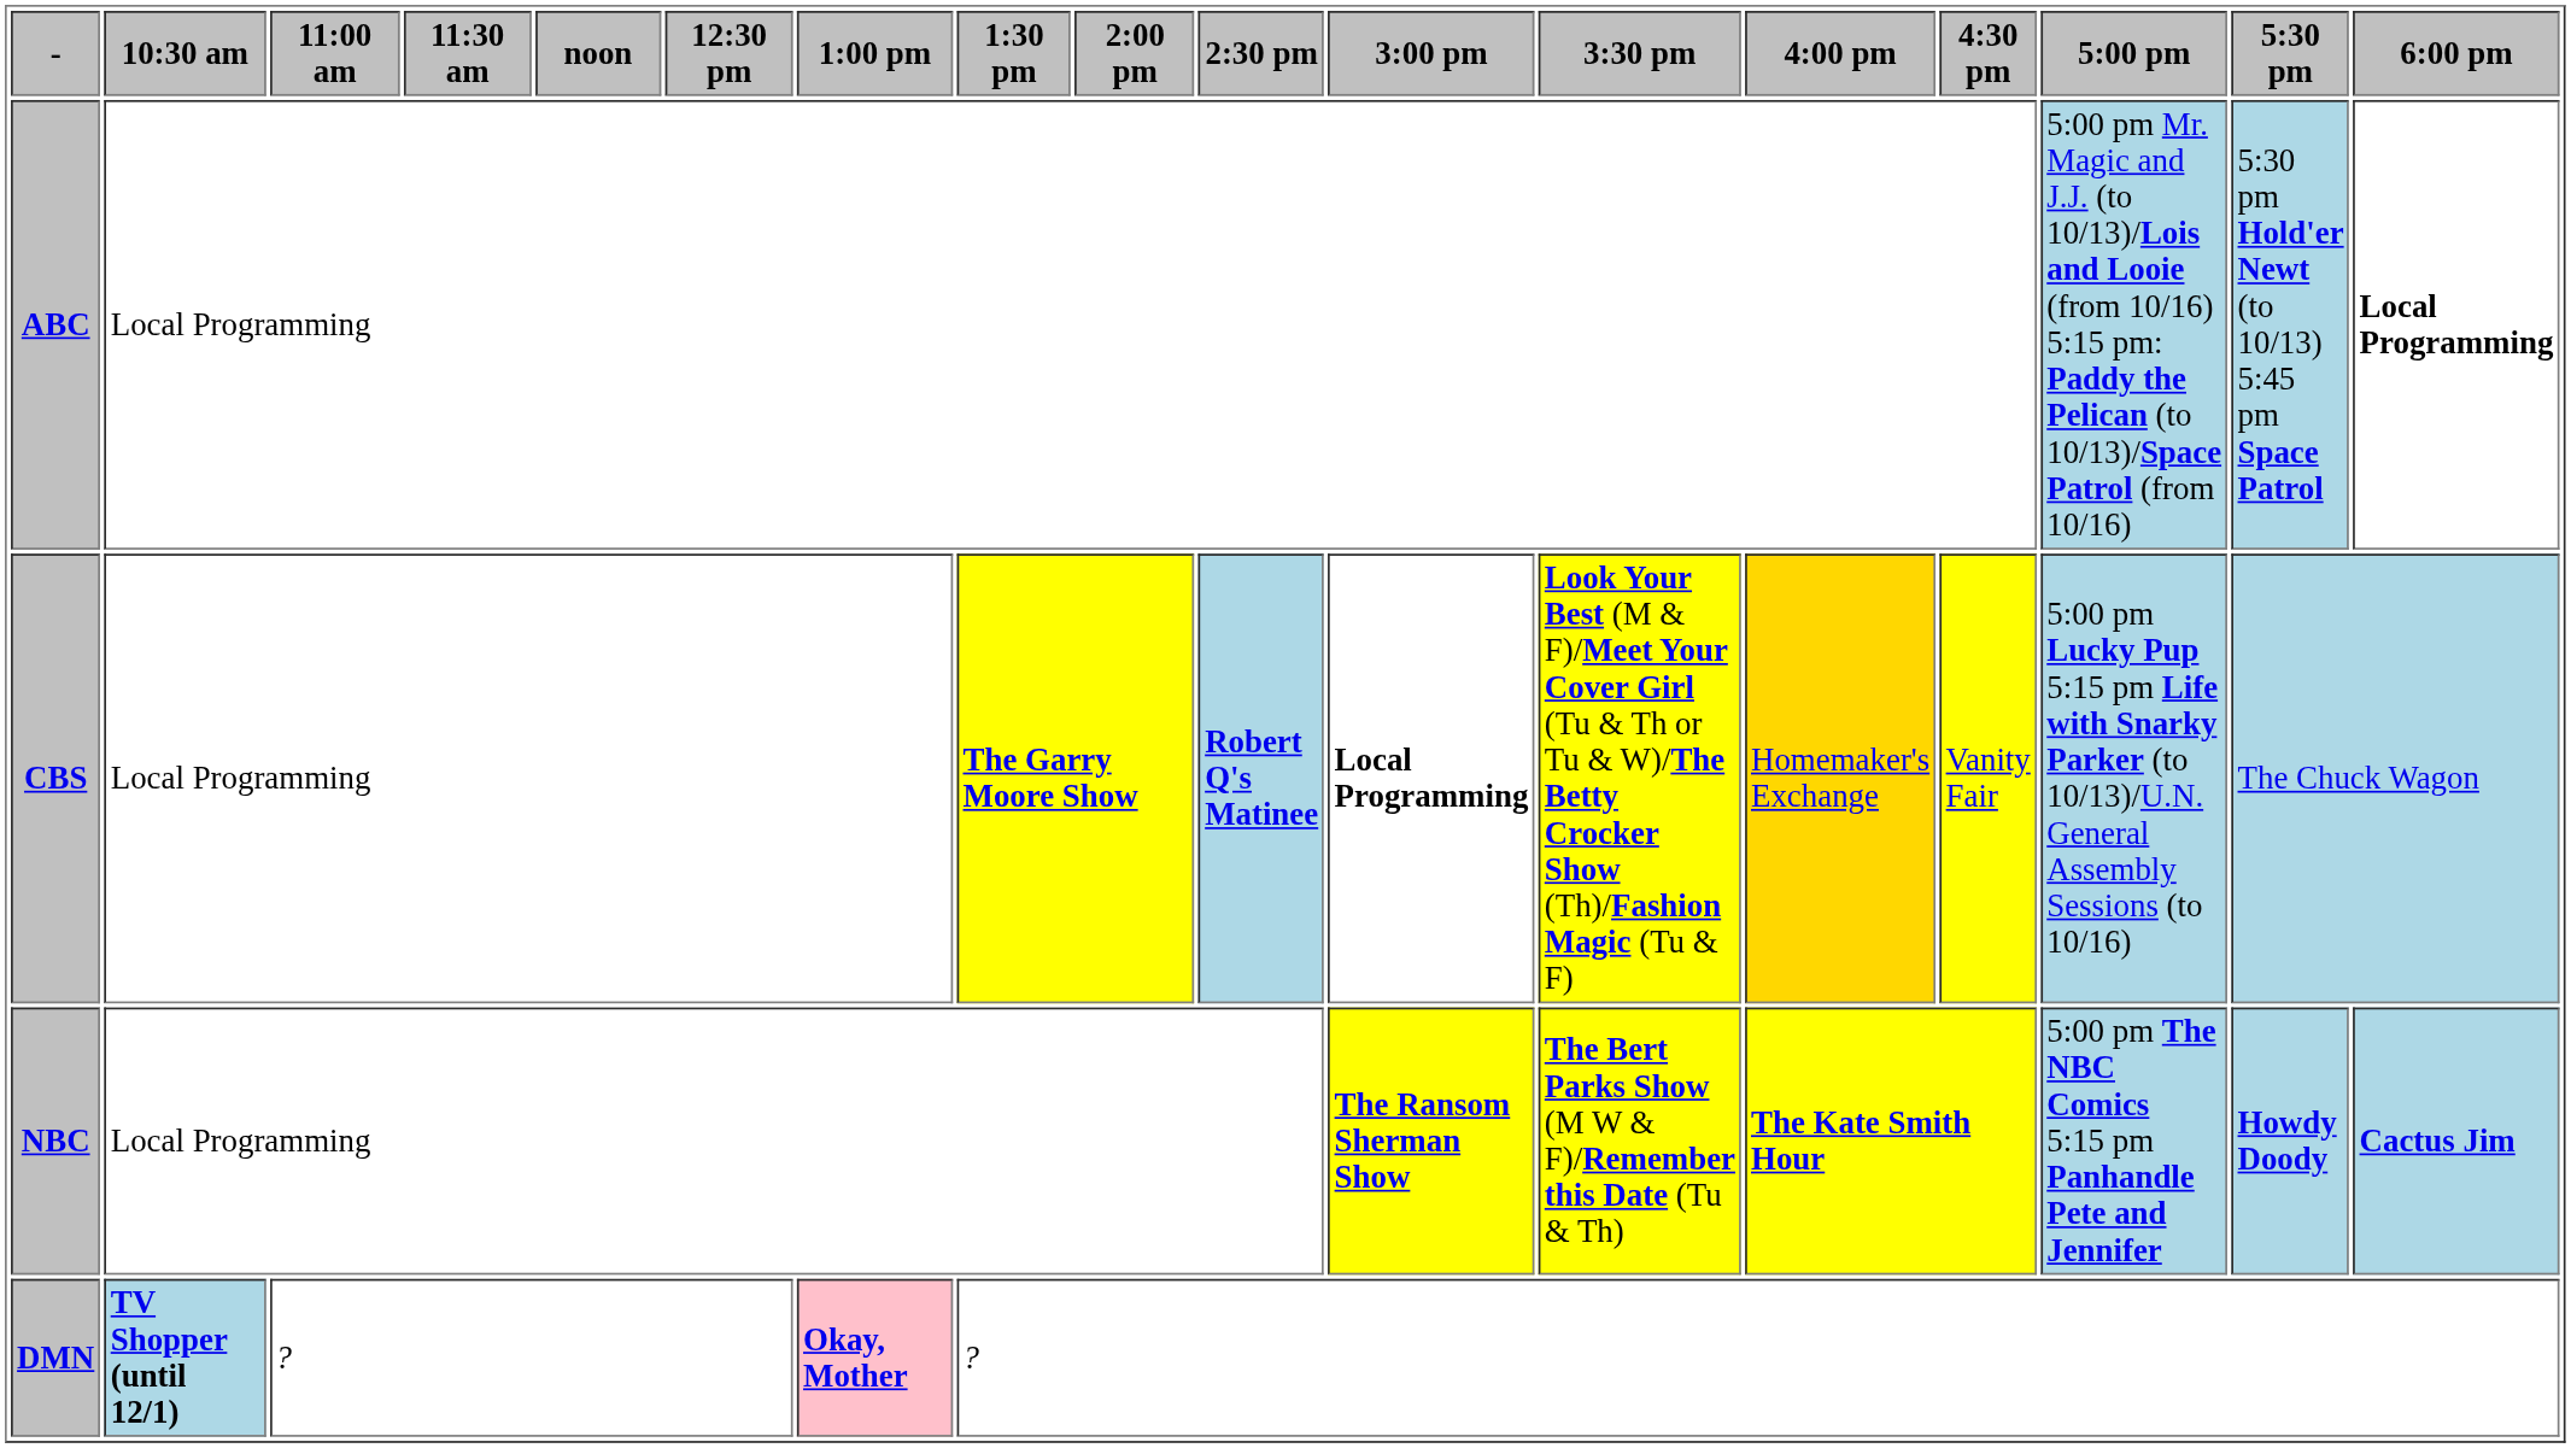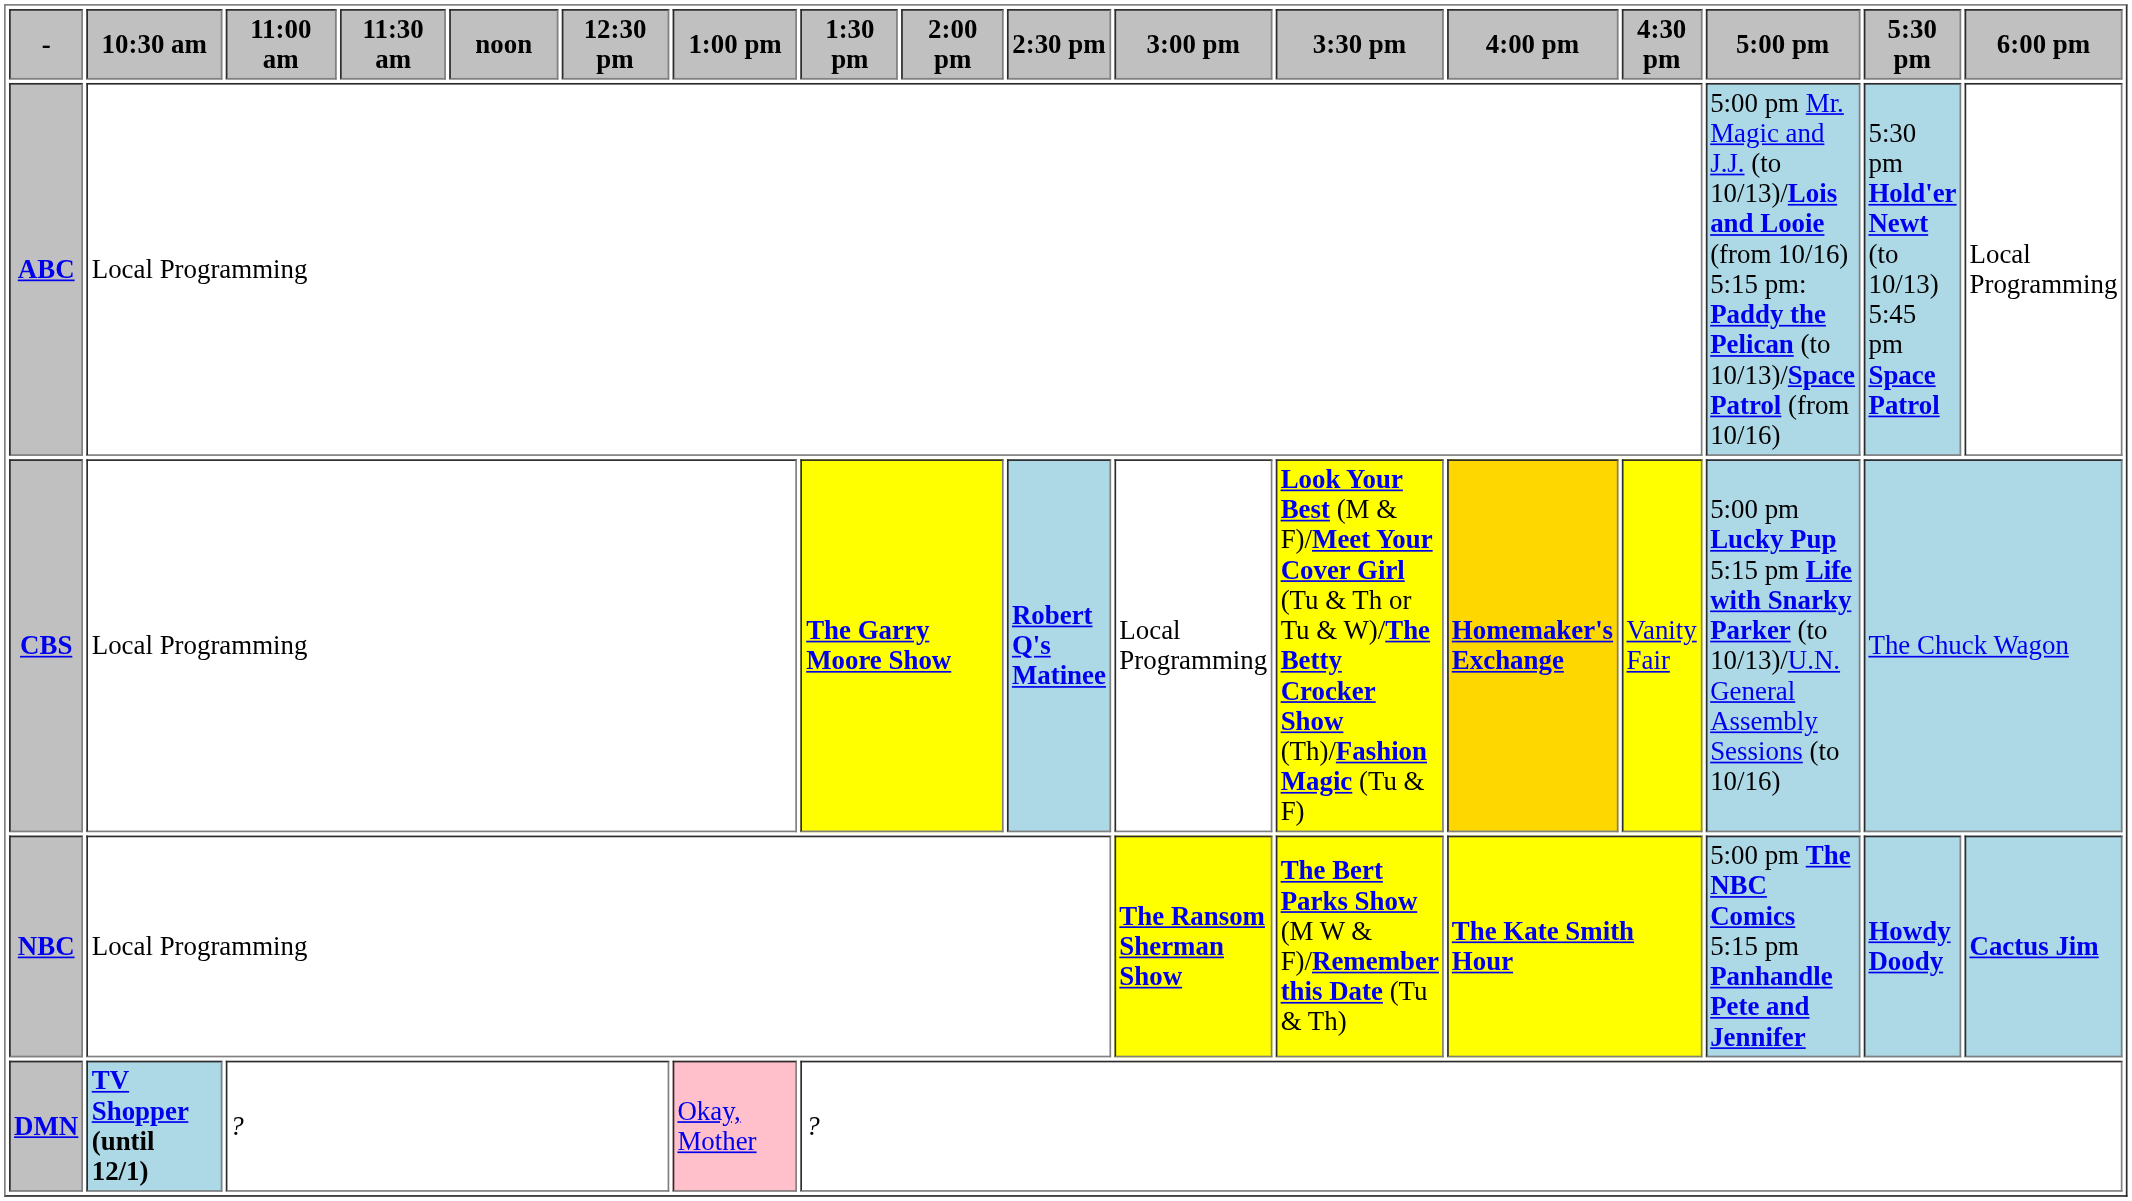 <table border="1" cellpadding="2">
 <tr>
 <th bgcolor="#C0C0C0">-</th>
 <th width="12%" bgcolor="#C0C0C0">10:30 am</th>
 <th width="13%" bgcolor="#C0C0C0">11:00 am</th>
 <th width="12%" bgcolor="#C0C0C0">11:30 am</th>
 <th width="13%" bgcolor="#C0C0C0">noon</th>
 <th width="12%" bgcolor="#C0C0C0">12:30 pm</th>
 <th width="13%" bgcolor="#C0C0C0">1:00 pm</th>
 <th width="12%" bgcolor="#C0C0C0">1:30 pm</th>
 <th width="13%" bgcolor="#C0C0C0">2:00 pm</th>
 <th width="12%" bgcolor="#C0C0C0">2:30 pm</th>
 <th width="13%" bgcolor="#C0C0C0">3:00 pm</th>
 <th width="12%" bgcolor="#C0C0C0">3:30 pm</th>
 <th width="13%" bgcolor="#C0C0C0">4:00 pm</th>
 <th width="12%" bgcolor="#C0C0C0">4:30 pm</th>
 <th width="13%" bgcolor="#C0C0C0">5:00 pm</th>
 <th width="12%" bgcolor="#C0C0C0">5:30 pm</th>
 <th width="13%" bgcolor="#C0C0C0">6:00 pm</th>
 </tr>
 <tr>
 <th bgcolor="#C0C0C0"><a href='#'>ABC</a></th>
 <td bgcolor="white" colspan="13">Local Programming</td>
 <td bgcolor="lightblue">5:00 pm <a href='#'>Mr. Magic and J.J.</a> (to 10/13)/<strong><a href='#'>Lois and Looie</a></strong> (from 10/16)<br>5:15 pm: <strong><a href='#'>Paddy the Pelican</a></strong> (to 10/13)/<strong><a href='#'>Space Patrol</a></strong> (from 10/16)</td>
 <td bgcolor="lightblue">5:30 pm <strong><a href='#'>Hold'er Newt</a></strong> (to 10/13)<br>5:45 pm <strong><a href='#'>Space Patrol</a></strong></td>
-<td bgcolor="white"><strong>Local Programming</strong></td>
+<td bgcolor="white">Local Programming</td>
 </tr>
 <tr>
 <th bgcolor="#C0C0C0"><a href='#'>CBS</a></th>
 <td bgcolor="white" colspan="6">Local Programming</td>
 <td bgcolor="yellow" colspan="2"><strong><a href='#'>The Garry Moore Show</a></strong></td>
 <td bgcolor="lightblue"><strong><a href='#'>Robert Q's Matinee</a></strong></td>
-<td bgcolor="white"><strong>Local Programming</strong></td>
+<td bgcolor="white">Local Programming</td>
 <td bgcolor="yellow"><strong><a href='#'>Look Your Best</a></strong> (M & F)/<strong><a href='#'>Meet Your Cover Girl</a></strong> (Tu & Th or Tu & W)/<strong><a href='#'>The Betty Crocker Show</a></strong> (Th)/<strong><a href='#'>Fashion Magic</a></strong> (Tu & F)</td>
-<td bgcolor="gold"><a href='#'>Homemaker's Exchange</a></td>
+<td bgcolor="gold"><strong><a href='#'>Homemaker's Exchange</a></strong></td>
 <td bgcolor="yellow"><a href='#'>Vanity Fair</a></td>
 <td bgcolor="lightblue">5:00 pm <strong><a href='#'>Lucky Pup</a></strong><br>5:15 pm <strong><a href='#'>Life with Snarky Parker</a></strong> (to 10/13)/<a href='#'>U.N. General Assembly Sessions</a> (to 10/16)</td>
 <td bgcolor="lightblue" colspan="2"><a href='#'>The Chuck Wagon</a></td>
 </tr>
 <tr>
 <th bgcolor="#C0C0C0"><a href='#'>NBC</a></th>
 <td bgcolor="white" colspan="9">Local Programming</td>
 <td bgcolor="yellow"><strong><a href='#'>The Ransom Sherman Show</a></strong></td>
 <td bgcolor="yellow"><strong><a href='#'>The Bert Parks Show</a></strong> (M W & F)/<strong><a href='#'>Remember this Date</a></strong> (Tu & Th)</td>
 <td bgcolor="yellow" colspan="2"><strong><a href='#'>The Kate Smith Hour</a></strong></td>
 <td bgcolor="lightblue">5:00 pm <strong><a href='#'>The NBC Comics</a></strong><br>5:15 pm <strong><a href='#'>Panhandle Pete and Jennifer</a></strong></td>
 <td bgcolor="lightblue"><strong><a href='#'>Howdy Doody</a></strong></td>
 <td bgcolor="lightblue"><strong><a href='#'>Cactus Jim</a></strong></td>
 </tr>
 <tr>
 <th bgcolor="#C0C0C0"><a href='#'>DMN</a></th>
 <td bgcolor="lightblue"><strong><a href='#'>TV Shopper</a> (until 12/1)</strong></td>
 <td bgcolor="white" colspan="4"><em>?</em></td>
-<td bgcolor="pink"><strong><a href='#'>Okay, Mother</a></strong></td>
+<td bgcolor="pink"><a href='#'>Okay, Mother</a></td>
 <td bgcolor="white" colspan="10"><em>?</em></td>
 </tr>
 </table>
